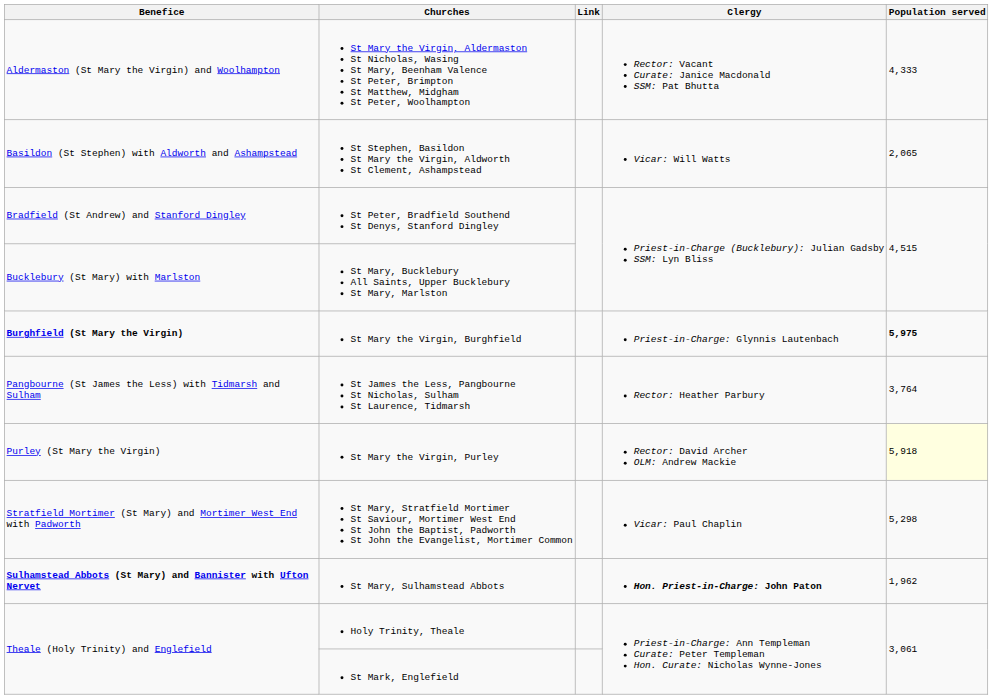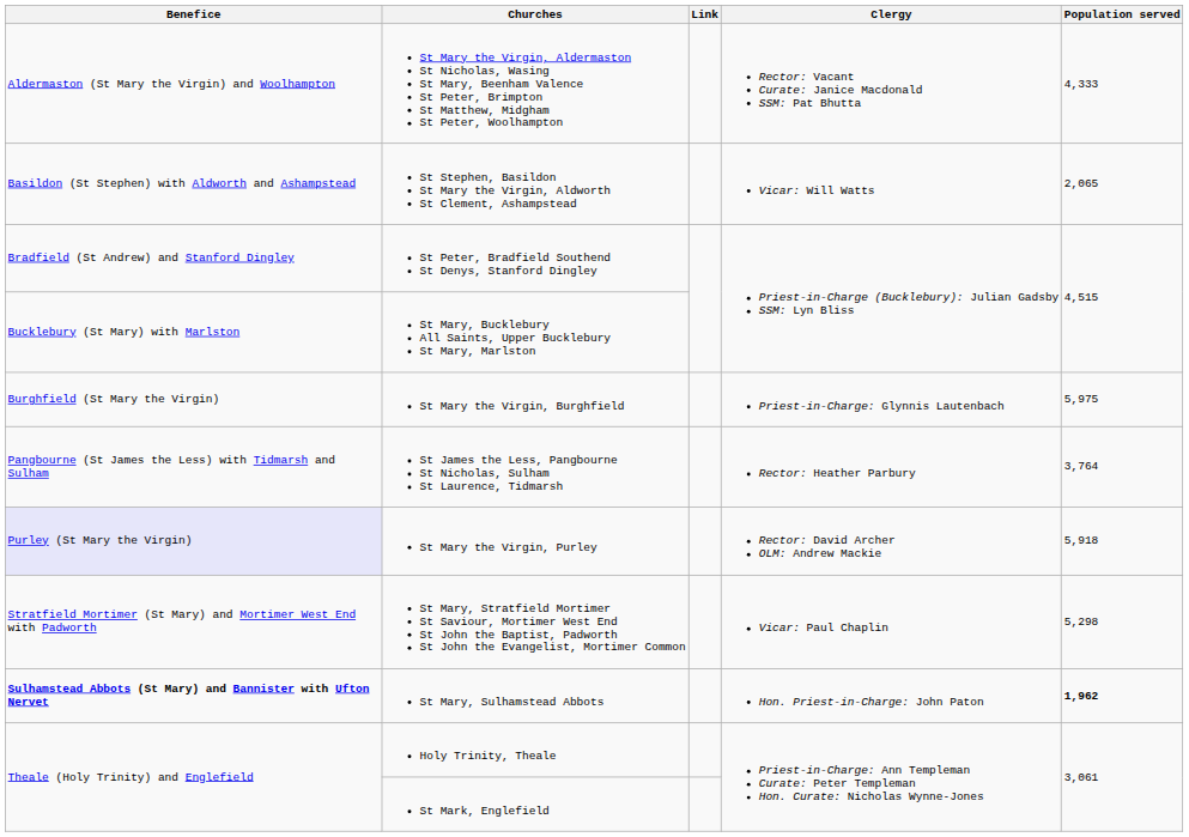 <table class="wikitable">
 <tr>
 <th width="425">Benefice</th>
 <th>Churches</th>
 <th>Link</th>
 <th>Clergy</th>
 <th>Population served</th>
 </tr>
 <tr>
 <td><a href='#'>Aldermaston</a> (St Mary the Virgin) and <a href='#'>Woolhampton</a></td>
 <td><br><ul><li><a href='#'>St Mary the Virgin, Aldermaston</a></li><li>St Nicholas, Wasing</li><li>St Mary, Beenham Valence</li><li>St Peter, Brimpton</li><li>St Matthew, Midgham</li><li>St Peter, Woolhampton</li></ul></td>
 <td></td>
 <td><br><ul><li><em>Rector:</em> Vacant</li><li><em>Curate:</em> Janice Macdonald</li><li><em>SSM:</em> Pat Bhutta</li></ul></td>
 <td>4,333</td>
 </tr>
 <tr>
 <td><a href='#'>Basildon</a> (St Stephen) with <a href='#'>Aldworth</a> and <a href='#'>Ashampstead</a></td>
 <td><br><ul><li>St Stephen, Basildon</li><li>St Mary the Virgin, Aldworth</li><li>St Clement, Ashampstead</li></ul></td>
 <td></td>
 <td><br><ul><li><em>Vicar:</em> Will Watts</li></ul></td>
 <td>2,065</td>
 </tr>
 <tr>
 <td><a href='#'>Bradfield</a> (St Andrew) and <a href='#'>Stanford Dingley</a></td>
 <td><br><ul><li>St Peter, Bradfield Southend </li><li>St Denys, Stanford Dingley</li></ul></td>
 <td rowspan="2"></td>
 <td rowspan="2"><br><ul><li><em>Priest-in-Charge (Bucklebury):</em> Julian Gadsby</li><li><em>SSM:</em> Lyn Bliss</li></ul></td>
 <td rowspan="2">4,515</td>
 </tr>
 <tr>
 <td><a href='#'>Bucklebury</a> (St Mary) with <a href='#'>Marlston</a></td>
 <td><br><ul><li>St Mary, Bucklebury</li><li>All Saints, Upper Bucklebury</li><li>St Mary, Marlston</li></ul></td>
 </tr>
 <tr>
-<td><strong><a href='#'>Burghfield</a> (St Mary the Virgin)</strong></td>
+<td><a href='#'>Burghfield</a> (St Mary the Virgin)</td>
 <td><br><ul><li>St Mary the Virgin, Burghfield</li></ul></td>
 <td></td>
 <td><br><ul><li><em>Priest-in-Charge:</em> Glynnis Lautenbach</li></ul></td>
-<td><strong>5,975</strong></td>
+<td>5,975</td>
 </tr>
 <tr>
 <td><a href='#'>Pangbourne</a> (St James the Less) with <a href='#'>Tidmarsh</a> and <a href='#'>Sulham</a></td>
 <td><br><ul><li>St James the Less, Pangbourne</li><li>St Nicholas, Sulham</li><li>St Laurence, Tidmarsh</li></ul></td>
 <td></td>
 <td><br><ul><li><em>Rector:</em> Heather Parbury</li></ul></td>
 <td>3,764</td>
 </tr>
 <tr>
-<td><a href='#'>Purley</a> (St Mary the Virgin)</td>
+<td style="background: lavender;"><a href='#'>Purley</a> (St Mary the Virgin)</td>
 <td><br><ul><li>St Mary the Virgin, Purley</li></ul></td>
 <td></td>
 <td><br><ul><li><em>Rector:</em> David Archer</li><li><em>OLM:</em> Andrew Mackie</li></ul></td>
-<td style="background: lightyellow;">5,918</td>
+<td>5,918</td>
 </tr>
 <tr>
 <td><a href='#'>Stratfield Mortimer</a> (St Mary) and <a href='#'>Mortimer West End</a> with <a href='#'>Padworth</a></td>
 <td><br><ul><li>St Mary, Stratfield Mortimer</li><li>St Saviour, Mortimer West End</li><li>St John the Baptist, Padworth</li><li>St John the Evangelist, Mortimer Common</li></ul></td>
 <td></td>
 <td><br><ul><li><em>Vicar:</em> Paul Chaplin</li></ul></td>
 <td>5,298</td>
 </tr>
 <tr>
 <td><strong><a href='#'>Sulhamstead Abbots</a> (St Mary) and <a href='#'>Bannister</a> with <a href='#'>Ufton Nervet</a></strong></td>
 <td><br><ul><li>St Mary, Sulhamstead Abbots</li></ul></td>
 <td></td>
-<td><strong><br><ul><li><em>Hon. Priest-in-Charge:</em> John Paton</li></ul></strong></td>
-<td>1,962</td>
+<td><br><ul><li><em>Hon. Priest-in-Charge:</em> John Paton</li></ul></td>
+<td><strong>1,962</strong></td>
 </tr>
 <tr>
 <td rowspan="2"><a href='#'>Theale</a> (Holy Trinity) and <a href='#'>Englefield</a></td>
 <td><br><ul><li>Holy Trinity, Theale</li></ul></td>
 <td></td>
 <td rowspan="2"><br><ul><li><em>Priest-in-Charge:</em> Ann Templeman</li><li><em>Curate:</em> Peter Templeman</li><li><em>Hon. Curate:</em> Nicholas Wynne-Jones</li></ul></td>
 <td rowspan="2">3,061</td>
 </tr>
 <tr>
 <td><br><ul><li>St Mark, Englefield</li></ul></td>
 <td></td>
 </tr>
 </table>
